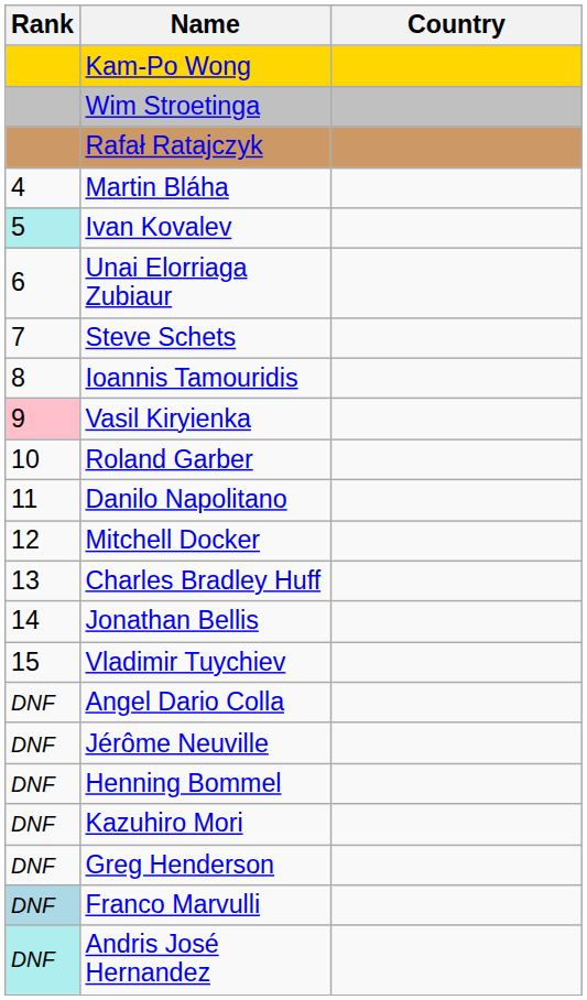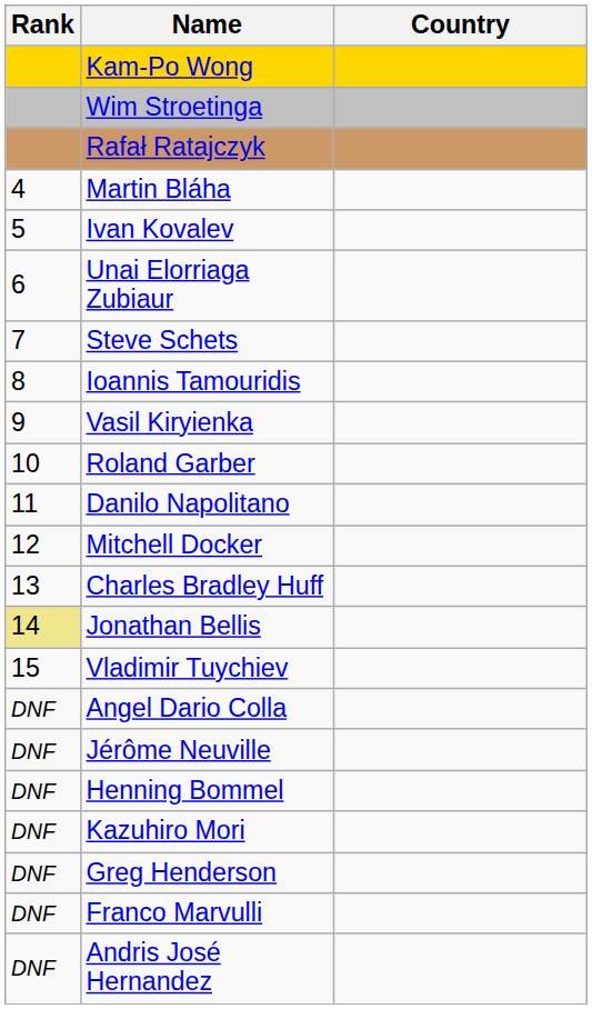 <table class="wikitable">
 <tr>
 <th width=20>Rank</th>
 <th width=150>Name</th>
 <th width=150>Country</th>
 </tr>
 <tr bgcolor=gold>
 <td></td>
 <td><a href='#'>Kam-Po Wong</a></td>
 <td></td>
 </tr>
 <tr bgcolor=silver>
 <td></td>
 <td><a href='#'>Wim Stroetinga</a></td>
 <td></td>
 </tr>
 <tr bgcolor=cc9966>
 <td></td>
 <td><a href='#'>Rafał Ratajczyk</a></td>
 <td></td>
 </tr>
 <tr>
 <td>4</td>
 <td><a href='#'>Martin Bláha</a></td>
 <td></td>
 </tr>
 <tr>
-<td style="background: paleturquoise;">5</td>
+<td>5</td>
 <td><a href='#'>Ivan Kovalev</a></td>
 <td></td>
 </tr>
 <tr>
 <td>6</td>
 <td><a href='#'>Unai Elorriaga Zubiaur</a></td>
 <td></td>
 </tr>
 <tr>
 <td>7</td>
 <td><a href='#'>Steve Schets</a></td>
 <td></td>
 </tr>
 <tr>
 <td>8</td>
 <td><a href='#'>Ioannis Tamouridis</a></td>
 <td></td>
 </tr>
 <tr>
-<td style="background: pink;">9</td>
+<td>9</td>
 <td><a href='#'>Vasil Kiryienka</a></td>
 <td></td>
 </tr>
 <tr>
 <td>10</td>
 <td><a href='#'>Roland Garber</a></td>
 <td></td>
 </tr>
 <tr>
 <td>11</td>
 <td><a href='#'>Danilo Napolitano</a></td>
 <td></td>
 </tr>
 <tr>
 <td>12</td>
 <td><a href='#'>Mitchell Docker</a></td>
 <td></td>
 </tr>
 <tr>
 <td>13</td>
 <td><a href='#'>Charles Bradley Huff</a></td>
 <td></td>
 </tr>
 <tr>
-<td>14</td>
+<td style="background: khaki;">14</td>
 <td><a href='#'>Jonathan Bellis</a></td>
 <td></td>
 </tr>
 <tr>
 <td>15</td>
 <td><a href='#'>Vladimir Tuychiev</a></td>
 <td></td>
 </tr>
 <tr>
 <td><small><em>DNF</em></small></td>
 <td><a href='#'>Angel Dario Colla</a></td>
 <td></td>
 </tr>
 <tr>
 <td><small><em>DNF</em></small></td>
 <td><a href='#'>Jérôme Neuville</a></td>
 <td></td>
 </tr>
 <tr>
 <td><small><em>DNF</em></small></td>
 <td><a href='#'>Henning Bommel</a></td>
 <td></td>
 </tr>
 <tr>
 <td><small><em>DNF</em></small></td>
 <td><a href='#'>Kazuhiro Mori</a></td>
 <td></td>
 </tr>
 <tr>
 <td><small><em>DNF</em></small></td>
 <td><a href='#'>Greg Henderson</a></td>
 <td></td>
 </tr>
 <tr>
-<td style="background: lightblue;"><small><em>DNF</em></small></td>
+<td><small><em>DNF</em></small></td>
 <td><a href='#'>Franco Marvulli</a></td>
 <td></td>
 </tr>
 <tr>
-<td style="background: paleturquoise;"><small><em>DNF</em></small></td>
+<td><small><em>DNF</em></small></td>
 <td><a href='#'>Andris José Hernandez</a></td>
 <td></td>
 </tr>
 <tr>
 </tr>
 </table>
